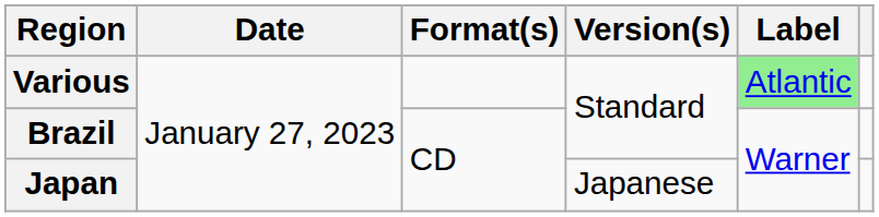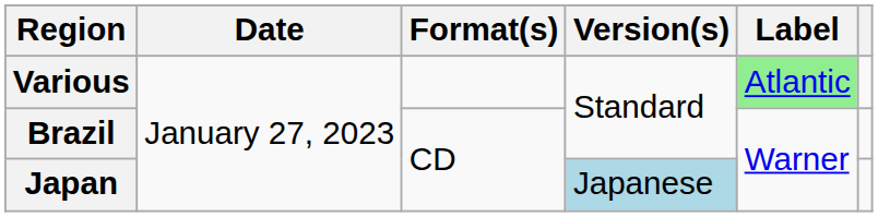 <table class="wikitable plainrowheaders">
 <tr>
 <th scope="col">Region</th>
 <th scope="col">Date</th>
 <th scope="col">Format(s)</th>
 <th scope="col">Version(s)</th>
 <th scope="col">Label</th>
 <th scope="col"></th>
 </tr>
 <tr>
 <th scope="row">Various</th>
 <td rowspan="3">January 27, 2023</td>
 <td></td>
 <td rowspan="2">Standard</td>
 <td style="background: lightgreen;"><a href='#'>Atlantic</a></td>
 <td style="text-align:center;"></td>
 </tr>
 <tr>
 <th scope="row">Brazil</th>
 <td rowspan="2">CD</td>
 <td rowspan="2"><a href='#'>Warner</a></td>
 <td style="text-align:center;"></td>
 </tr>
 <tr>
 <th scope="row">Japan</th>
-<td>Japanese</td>
+<td style="background: lightblue;">Japanese</td>
 <td style="text-align:center;"></td>
 </tr>
 </table>
